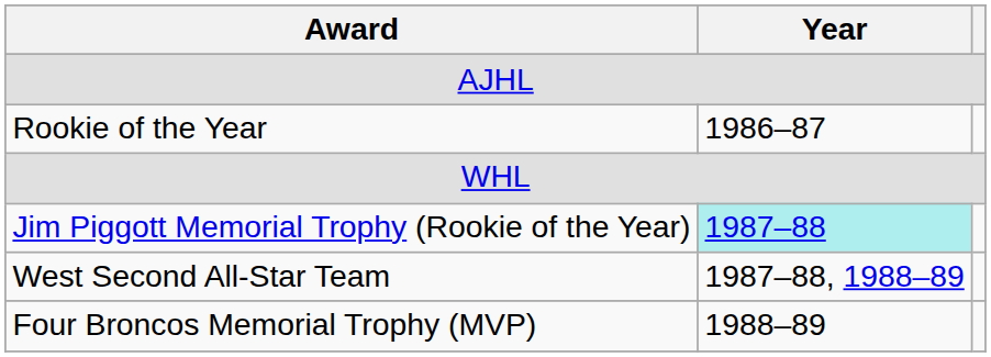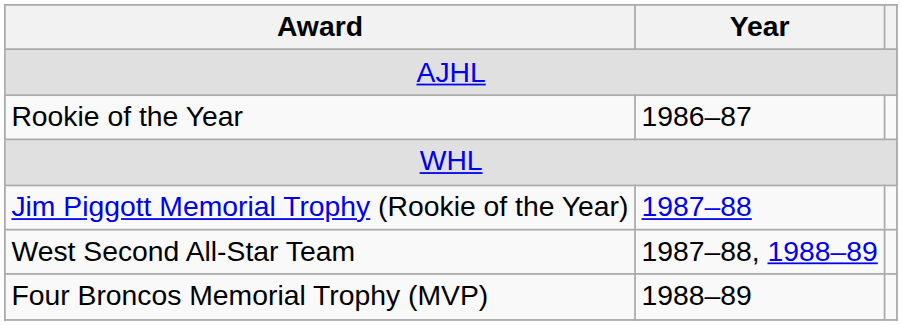 <table class="wikitable">
 <tr>
 <th>Award</th>
 <th>Year</th>
 <th></th>
 </tr>
 <tr ALIGN="center" bgcolor="#e0e0e0">
 <td colspan="3"><a href='#'>AJHL</a></td>
 </tr>
 <tr>
 <td>Rookie of the Year</td>
 <td>1986–87</td>
 <td></td>
 </tr>
 <tr ALIGN="center" bgcolor="#e0e0e0">
 <td colspan="3"><a href='#'>WHL</a></td>
 </tr>
 <tr>
 <td><a href='#'>Jim Piggott Memorial Trophy</a> (Rookie of the Year)</td>
-<td style="background: paleturquoise;"><a href='#'>1987–88</a></td>
+<td><a href='#'>1987–88</a></td>
 <td></td>
 </tr>
 <tr>
 <td>West Second All-Star Team</td>
 <td>1987–88, <a href='#'>1988–89</a></td>
 <td></td>
 </tr>
 <tr>
 <td>Four Broncos Memorial Trophy (MVP)</td>
 <td>1988–89</td>
 <td></td>
 </tr>
 </table>
